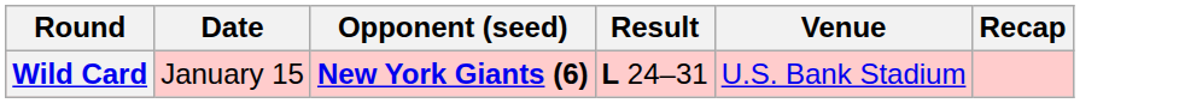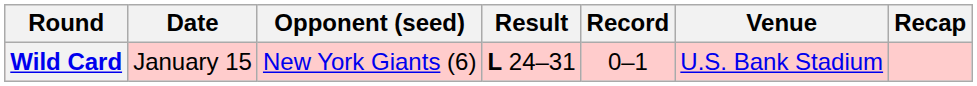 <table class="wikitable" style="text-align:center">
 <tr>
 <th>Round</th>
 <th>Date</th>
 <th>Opponent (seed)</th>
 <th>Result</th>
+<th>Record</th>
 <th>Venue</th>
 <th>Recap</th>
 </tr>
 <tr style="background:#fcc">
 <th><a href='#'>Wild Card</a></th>
 <td>January 15</td>
-<td><strong><a href='#'>New York Giants</a> (6)</strong></td>
+<td><a href='#'>New York Giants</a> (6)</td>
 <td><strong>L</strong> 24–31</td>
+<td>0–1</td>
 <td><a href='#'>U.S. Bank Stadium</a></td>
 <td></td>
 </tr>
 </table>
